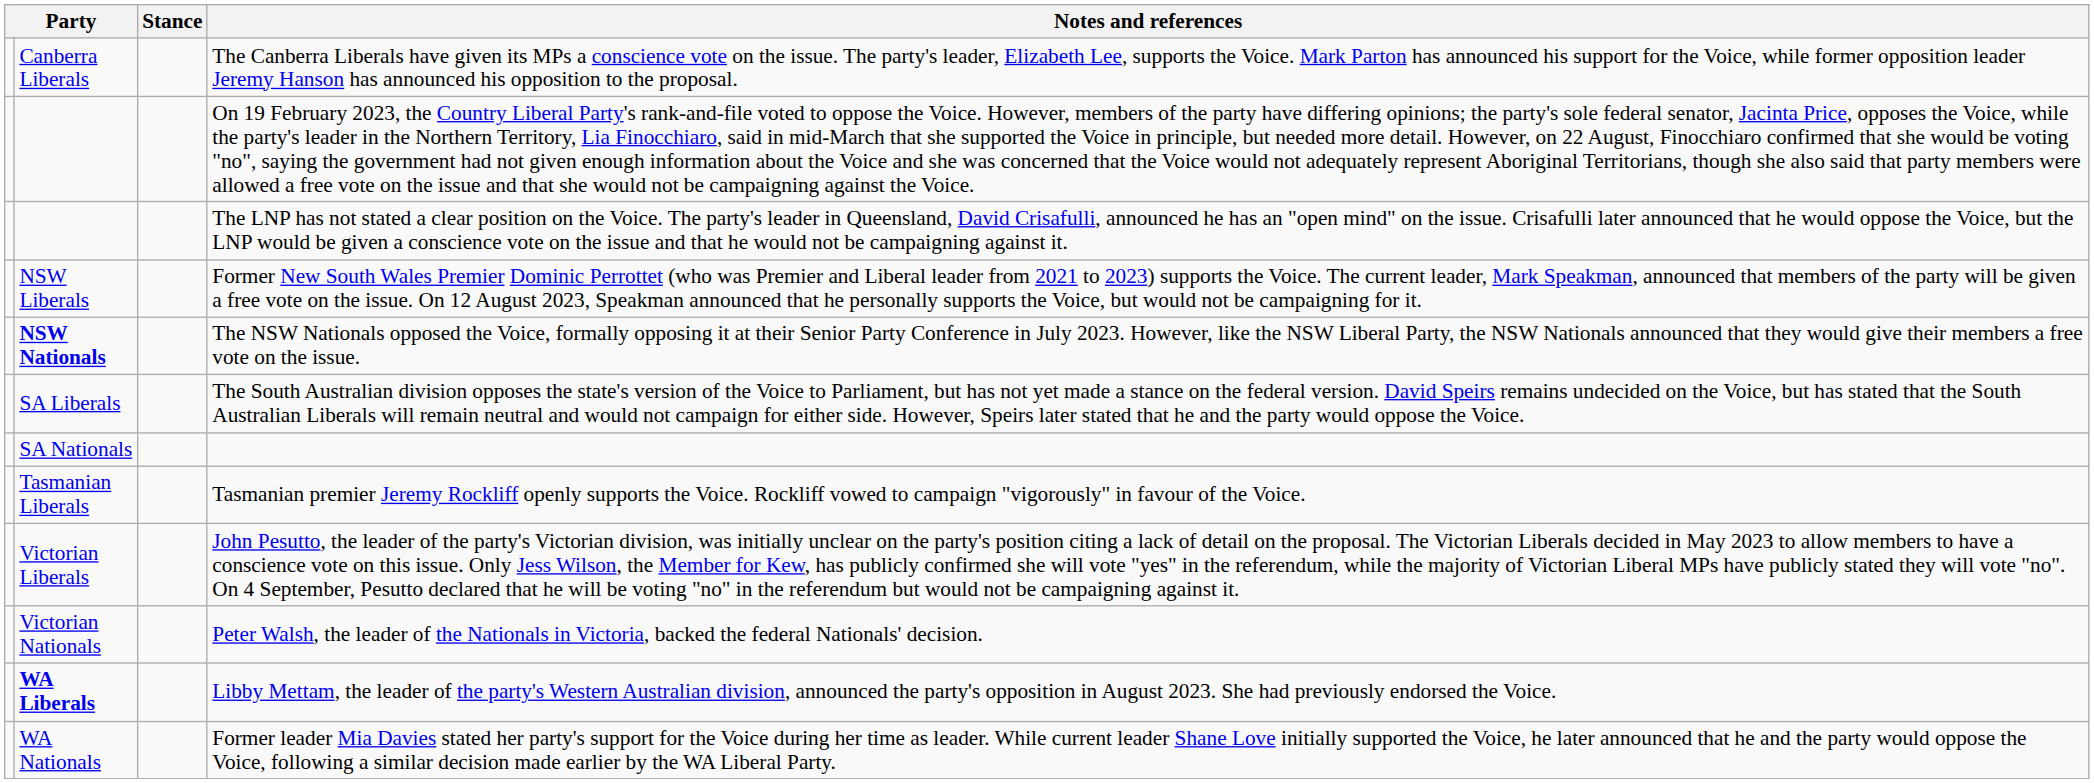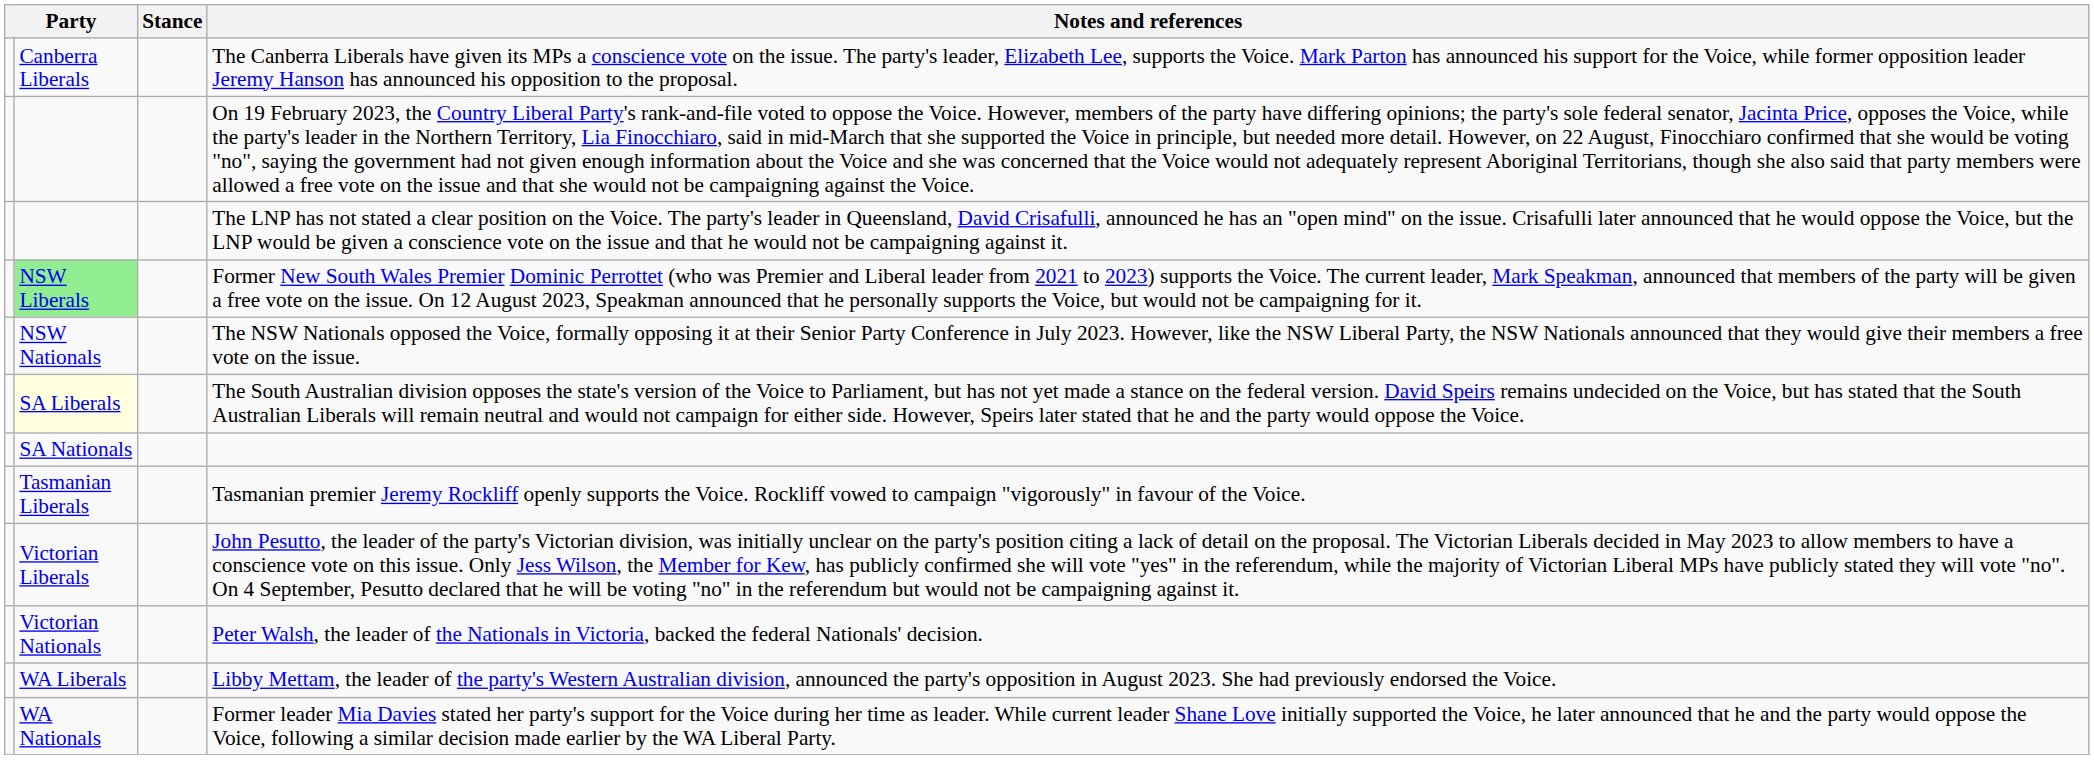 <table class="wikitable sortable">
 <tr>
 <th colspan="2">Party</th>
 <th>Stance</th>
 <th>Notes and references</th>
 </tr>
 <tr>
 <td></td>
 <td><a href='#'>Canberra Liberals</a></td>
 <td></td>
 <td>The Canberra Liberals have given its MPs a <a href='#'>conscience vote</a> on the issue. The party's leader, <a href='#'>Elizabeth Lee</a>, supports the Voice. <a href='#'>Mark Parton</a> has announced his support for the Voice, while former opposition leader <a href='#'>Jeremy Hanson</a> has announced his opposition to the proposal.</td>
 </tr>
 <tr>
 <td></td>
 <td></td>
 <td></td>
 <td>On 19 February 2023, the <a href='#'>Country Liberal Party</a>'s rank-and-file voted to oppose the Voice. However, members of the party have differing opinions; the party's sole federal senator, <a href='#'>Jacinta Price</a>, opposes the Voice, while the party's leader in the Northern Territory, <a href='#'>Lia Finocchiaro</a>, said in mid-March that she supported the Voice in principle, but needed more detail. However, on 22 August, Finocchiaro confirmed that she would be voting "no", saying the government had not given enough information about the Voice and she was concerned that the Voice would not adequately represent Aboriginal Territorians, though she also said that party members were allowed a free vote on the issue and that she would not be campaigning against the Voice.</td>
 </tr>
 <tr>
 <td></td>
 <td></td>
 <td></td>
 <td>The LNP has not stated a clear position on the Voice. The party's leader in Queensland, <a href='#'>David Crisafulli</a>, announced he has an "open mind" on the issue. Crisafulli later announced that he would oppose the Voice, but the LNP would be given a conscience vote on the issue and that he would not be campaigning against it.</td>
 </tr>
 <tr>
 <td></td>
-<td><a href='#'>NSW Liberals</a></td>
+<td style="background: lightgreen;"><a href='#'>NSW Liberals</a></td>
 <td></td>
 <td>Former <a href='#'>New South Wales Premier</a> <a href='#'>Dominic Perrottet</a> (who was Premier and Liberal leader from <a href='#'>2021</a> to <a href='#'>2023</a>) supports the Voice. The current leader, <a href='#'>Mark Speakman</a>, announced that members of the party will be given a free vote on the issue. On 12 August 2023, Speakman announced that he personally supports the Voice, but would not be campaigning for it.</td>
 </tr>
 <tr>
 <td></td>
-<td><strong><a href='#'>NSW Nationals</a></strong></td>
+<td><a href='#'>NSW Nationals</a></td>
 <td></td>
 <td>The NSW Nationals opposed the Voice, formally opposing it at their Senior Party Conference in July 2023. However, like the NSW Liberal Party, the NSW Nationals announced that they would give their members a free vote on the issue.</td>
 </tr>
 <tr>
 <td></td>
-<td><a href='#'>SA Liberals</a></td>
+<td style="background: lightyellow;"><a href='#'>SA Liberals</a></td>
 <td></td>
 <td>The South Australian division opposes the state's version of the Voice to Parliament, but has not yet made a stance on the federal version. <a href='#'>David Speirs</a> remains undecided on the Voice, but has stated that the South Australian Liberals will remain neutral and would not campaign for either side. However, Speirs later stated that he and the party would oppose the Voice.</td>
 </tr>
 <tr>
 <td></td>
 <td><a href='#'>SA Nationals</a></td>
 <td></td>
 <td></td>
 </tr>
 <tr>
 <td></td>
 <td><a href='#'>Tasmanian Liberals</a></td>
 <td></td>
 <td>Tasmanian premier <a href='#'>Jeremy Rockliff</a> openly supports the Voice. Rockliff vowed to campaign "vigorously" in favour of the Voice.</td>
 </tr>
 <tr>
 <td></td>
 <td><a href='#'>Victorian Liberals</a></td>
 <td></td>
 <td><a href='#'>John Pesutto</a>, the leader of the party's Victorian division, was initially unclear on the party's position citing a lack of detail on the proposal. The Victorian Liberals decided in May 2023 to allow members to have a conscience vote on this issue. Only <a href='#'>Jess Wilson</a>, the <a href='#'>Member for Kew</a>, has publicly confirmed she will vote "yes" in the referendum, while the majority of Victorian Liberal MPs have publicly stated they will vote "no". On 4 September, Pesutto declared that he will be voting "no" in the referendum but would not be campaigning against it.</td>
 </tr>
 <tr>
 <td></td>
 <td><a href='#'>Victorian Nationals</a></td>
 <td></td>
 <td><a href='#'>Peter Walsh</a>, the leader of <a href='#'>the Nationals in Victoria</a>, backed the federal Nationals' decision.</td>
 </tr>
 <tr>
 <td></td>
-<td><strong><a href='#'>WA Liberals</a></strong></td>
+<td><a href='#'>WA Liberals</a></td>
 <td></td>
 <td><a href='#'>Libby Mettam</a>, the leader of <a href='#'>the party's Western Australian division</a>, announced the party's opposition in August 2023. She had previously endorsed the Voice.</td>
 </tr>
 <tr>
 <td></td>
 <td><a href='#'>WA Nationals</a></td>
 <td></td>
 <td>Former leader <a href='#'>Mia Davies</a> stated her party's support for the Voice during her time as leader. While current leader <a href='#'>Shane Love</a> initially supported the Voice, he later announced that he and the party would oppose the Voice, following a similar decision made earlier by the WA Liberal Party.</td>
 </tr>
 </table>
